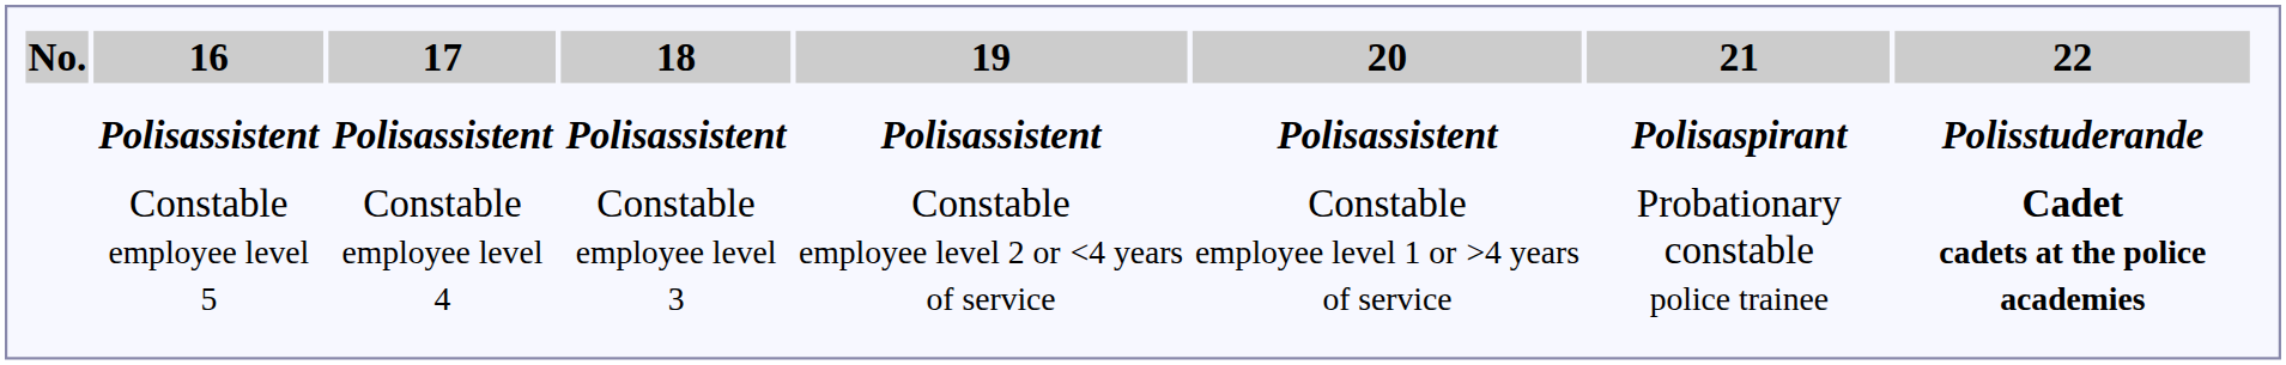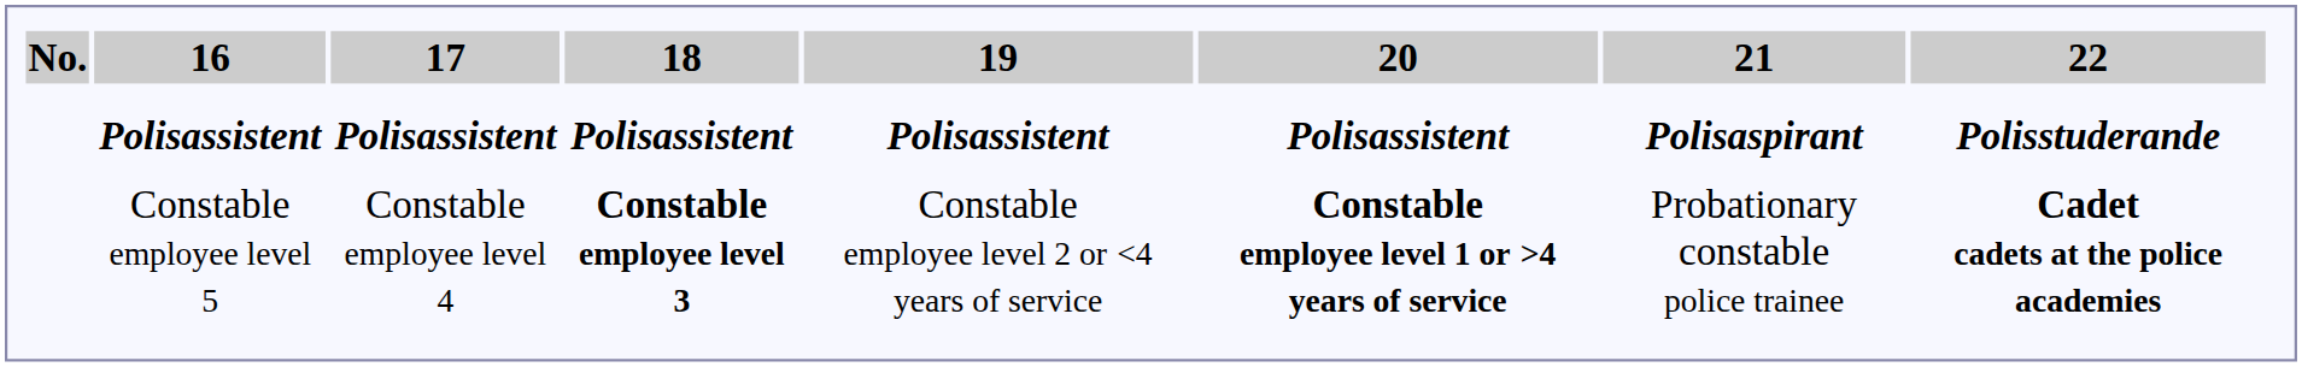 <table style="border:1px solid #8888aa; background-color:#f7f8ff; padding:5px; font-size:95%; margin: 0px 12px 12px 0px;">
 <tr>
 </tr>
 <tr bgcolor="#CCCCCC">
 <th><strong>No.</strong></th>
 <th>16</th>
 <th>17</th>
 <th>18</th>
 <th>19</th>
 <th>20</th>
 <th>21</th>
 <th>22</th>
 </tr>
 <tr>
 <td align="center" rowspan=2></td>
 </tr>
 <tr align="center">
 <td></td>
 <td></td>
 <td></td>
 <td></td>
 <td></td>
 <td></td>
 <td></td>
 <td></td>
 </tr>
 <tr rowspan="2">
 </tr>
 <tr align="center">
 <td></td>
 <td><strong><em>Polisassistent</em></strong></td>
 <td><strong><em>Polisassistent</em></strong></td>
 <td><strong><em>Polisassistent</em></strong></td>
 <td><strong><em>Polisassistent</em></strong></td>
 <td><strong><em>Polisassistent</em></strong></td>
 <td><strong><em>Polisaspirant</em></strong></td>
 <td><strong><em>Polisstuderande</em></strong></td>
 <td></td>
 </tr>
 <tr>
 </tr>
 <tr rowspan="2">
 </tr>
 <tr align="center">
 <td></td>
 <td>Constable<br> <small>employee level 5 </small></td>
 <td>Constable<br> <small>employee level 4 </small></td>
-<td>Constable<br> <small>employee level 3 </small></td>
+<td><strong>Constable<br> <small>employee level 3 </small></strong></td>
 <td>Constable<br><small>employee level 2 or</small> <small><4 years of service </small></td>
-<td>Constable<br> <small>employee level 1 or</small> <small>>4 years of service</small></td>
+<td><strong>Constable<br> <small>employee level 1 or</small> <small>>4 years of service</small></strong></td>
 <td>Probationary constable <br><small>police trainee</small></td>
 <td><strong>Cadet <br><small>cadets at the police academies</small></strong></td>
 <td></td>
 </tr>
 <tr>
 <td colspan=10></td>
 </tr>
 <tr>
 </tr>
 </table>
